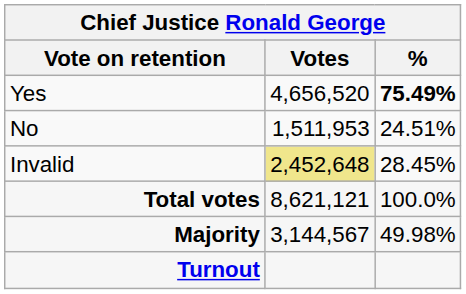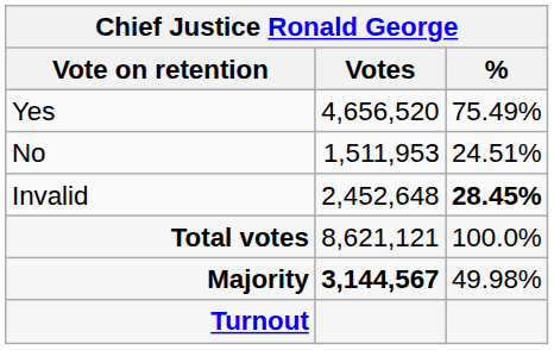 <table class="wikitable" style="font-size: 95%; clear:both">
 <tr>
 <th colspan=7>Chief Justice <a href='#'>Ronald George</a></th>
 </tr>
 <tr>
 <th style="width: 170px">Vote on retention</th>
 <th style="width: 50px">Votes</th>
 <th style="width: 40px">%</th>
 </tr>
 <tr>
 <td>Yes</td>
 <td align="right">4,656,520</td>
-<td align="right"><strong>75.49%</strong></td>
+<td align="right">75.49%</td>
 </tr>
 <tr>
 <td>No</td>
 <td align="right">1,511,953</td>
 <td align="right">24.51%</td>
 </tr>
 <tr>
 <td>Invalid</td>
-<td align="right" style="background: khaki;">2,452,648</td>
-<td align="right">28.45%</td>
+<td align="right">2,452,648</td>
+<td align="right"><strong>28.45%</strong></td>
 </tr>
 <tr style="background-color:#F6F6F6">
 <td colspan="1" align="right"><strong>Total votes</strong></td>
 <td align="right">8,621,121</td>
 <td align="right">100.0%</td>
 </tr>
 <tr style="background-color:#F6F6F6">
 <td colspan="1" style="text-align: right; margin-right: 0.5em"><strong>Majority</strong></td>
-<td style="text-align: right; margin-right: 0.5em">3,144,567</td>
+<td style="text-align: right; margin-right: 0.5em"><strong>3,144,567</strong></td>
 <td style="text-align: right; margin-right: 0.5em">49.98%</td>
 </tr>
 <tr style="background-color:#F6F6F6">
 <td colspan="1" style="text-align: right; margin-right: 0.5em"><strong><a href='#'>Turnout</a></strong></td>
 <td style="text-align: right; margin-right: 0.5em"></td>
 <td style="text-align: right; margin-right: 0.5em"></td>
 </tr>
 </table>
